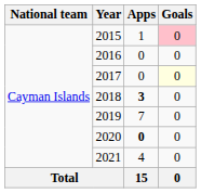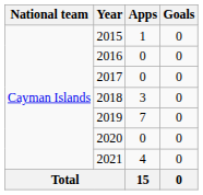 <table class="wikitable" style="text-align:center">
 <tr>
 <th>National team</th>
 <th>Year</th>
 <th>Apps</th>
 <th>Goals</th>
 </tr>
 <tr>
 <td rowspan="7"><a href='#'>Cayman Islands</a></td>
 <td>2015</td>
 <td>1</td>
-<td style="background: pink;">0</td>
+<td>0</td>
 </tr>
 <tr>
 <td>2016</td>
 <td>0</td>
 <td>0</td>
 </tr>
 <tr>
 <td>2017</td>
 <td>0</td>
-<td style="background: lightyellow;">0</td>
+<td>0</td>
 </tr>
 <tr>
 <td>2018</td>
-<td><strong>3</strong></td>
+<td>3</td>
 <td>0</td>
 </tr>
 <tr>
 <td>2019</td>
 <td>7</td>
 <td>0</td>
 </tr>
 <tr>
 <td>2020</td>
-<td><strong>0</strong></td>
+<td>0</td>
 <td>0</td>
 </tr>
 <tr>
 <td>2021</td>
 <td>4</td>
 <td>0</td>
 </tr>
 <tr>
 <th colspan=2>Total</th>
 <th>15</th>
 <th>0</th>
 </tr>
 </table>
